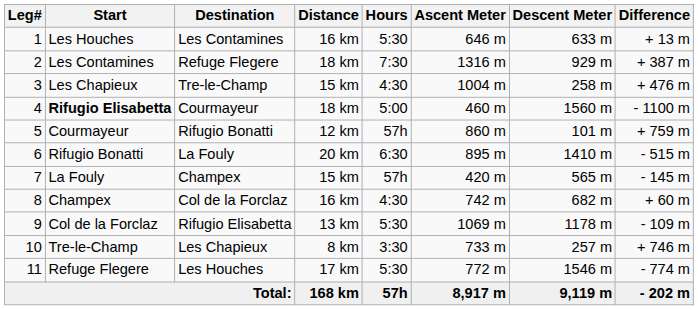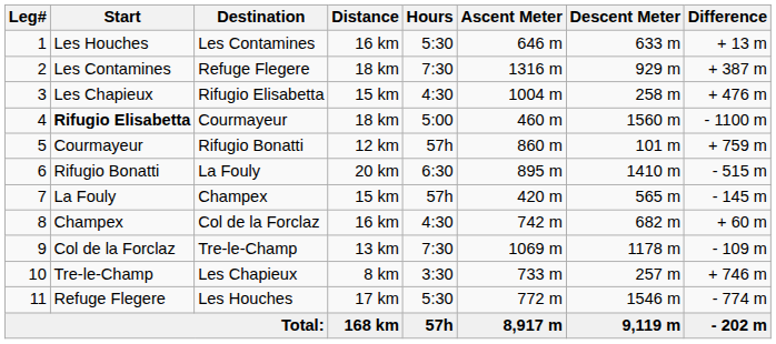 <table class="wikitable" style="text-align:right">
 <tr>
 <th>Leg#</th>
 <th>Start</th>
 <th>Destination</th>
 <th>Distance</th>
 <th>Hours</th>
 <th>Ascent Meter</th>
 <th>Descent Meter</th>
 <th>Difference</th>
 </tr>
 <tr>
 <td>1</td>
 <td style="text-align:left">Les Houches</td>
 <td style="text-align:left">Les Contamines</td>
 <td>16 km</td>
 <td>5:30</td>
 <td>646 m</td>
 <td>633 m</td>
 <td>+ 13 m</td>
 </tr>
 <tr>
 <td>2</td>
 <td style="text-align:left">Les Contamines</td>
 <td style="text-align:left">Refuge Flegere</td>
 <td>18 km</td>
 <td>7:30</td>
 <td>1316 m</td>
 <td>929 m</td>
 <td>+ 387 m</td>
 </tr>
 <tr>
 <td>3</td>
 <td style="text-align:left">Les Chapieux</td>
-<td style="text-align:left">Tre-le-Champ</td>
+<td style="text-align:left">Rifugio Elisabetta</td>
 <td>15 km</td>
 <td>4:30</td>
 <td>1004 m</td>
 <td>258 m</td>
 <td>+ 476 m</td>
 </tr>
 <tr>
 <td>4</td>
 <td style="text-align:left"><strong>Rifugio Elisabetta</strong></td>
 <td style="text-align:left">Courmayeur</td>
 <td>18 km</td>
 <td>5:00</td>
 <td>460 m</td>
 <td>1560 m</td>
 <td>- 1100 m</td>
 </tr>
 <tr>
 <td>5</td>
 <td style="text-align:left">Courmayeur</td>
 <td style="text-align:left">Rifugio Bonatti</td>
 <td>12 km</td>
 <td>57h</td>
 <td>860 m</td>
 <td>101 m</td>
 <td>+ 759 m</td>
 </tr>
 <tr>
 <td>6</td>
 <td style="text-align:left">Rifugio Bonatti</td>
 <td style="text-align:left">La Fouly</td>
 <td>20 km</td>
 <td>6:30</td>
 <td>895 m</td>
 <td>1410 m</td>
 <td>- 515 m</td>
 </tr>
 <tr>
 <td>7</td>
 <td style="text-align:left">La Fouly</td>
 <td style="text-align:left">Champex</td>
 <td>15 km</td>
 <td>57h</td>
 <td>420 m</td>
 <td>565 m</td>
 <td>- 145 m</td>
 </tr>
 <tr>
 <td>8</td>
 <td style="text-align:left">Champex</td>
 <td style="text-align:left">Col de la Forclaz</td>
 <td>16 km</td>
 <td>4:30</td>
 <td>742 m</td>
 <td>682 m</td>
 <td>+ 60 m</td>
 </tr>
 <tr>
 <td>9</td>
 <td style="text-align:left">Col de la Forclaz</td>
-<td style="text-align:left">Rifugio Elisabetta</td>
+<td style="text-align:left">Tre-le-Champ</td>
 <td>13 km</td>
-<td>5:30</td>
+<td>7:30</td>
 <td>1069 m</td>
 <td>1178 m</td>
 <td>- 109 m</td>
 </tr>
 <tr>
 <td>10</td>
 <td style="text-align:left">Tre-le-Champ</td>
 <td style="text-align:left">Les Chapieux</td>
 <td>8 km</td>
 <td>3:30</td>
 <td>733 m</td>
 <td>257 m</td>
 <td>+ 746 m</td>
 </tr>
 <tr>
 <td>11</td>
 <td style="text-align:left">Refuge Flegere</td>
 <td style="text-align:left">Les Houches</td>
 <td>17 km</td>
 <td>5:30</td>
 <td>772 m</td>
 <td>1546 m</td>
 <td>- 774 m</td>
 </tr>
 <tr style="font-weight:bold; background:#f0f0f0">
 <td colspan="3">Total:</td>
 <td>168 km</td>
 <td>57h</td>
 <td>8,917 m</td>
 <td>9,119 m</td>
 <td>- 202 m</td>
 </tr>
 </table>
